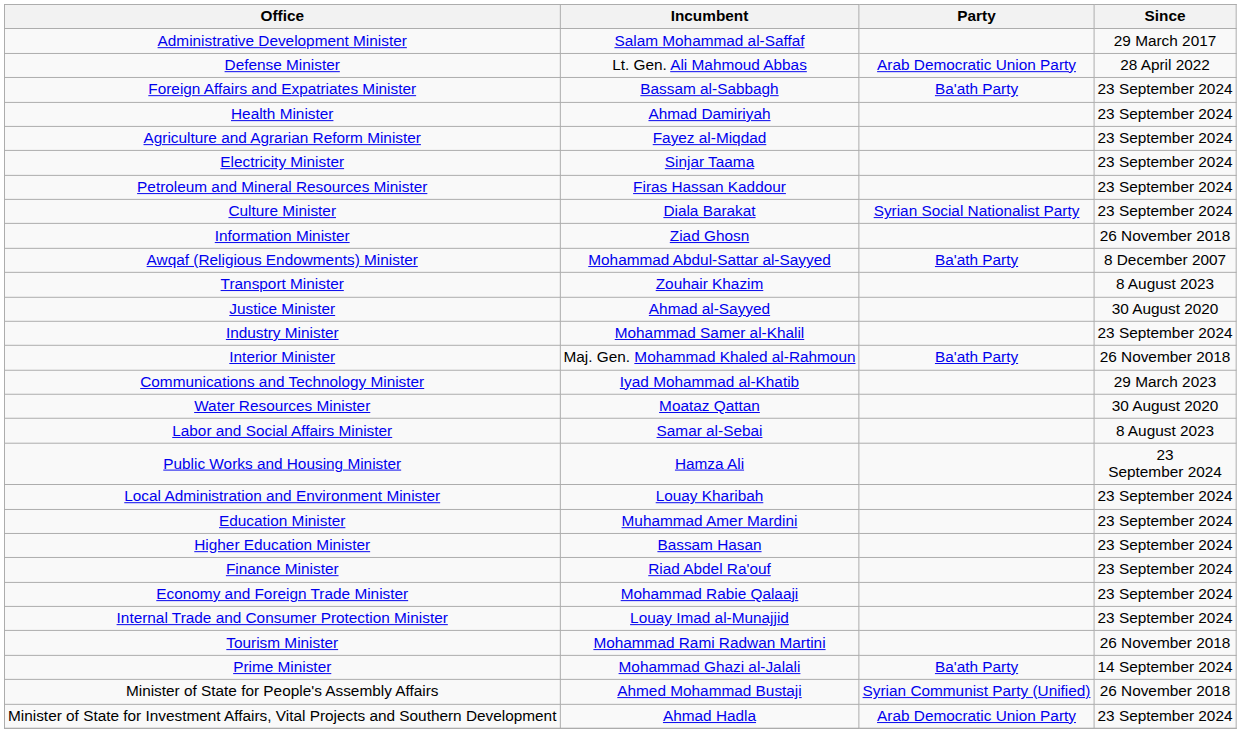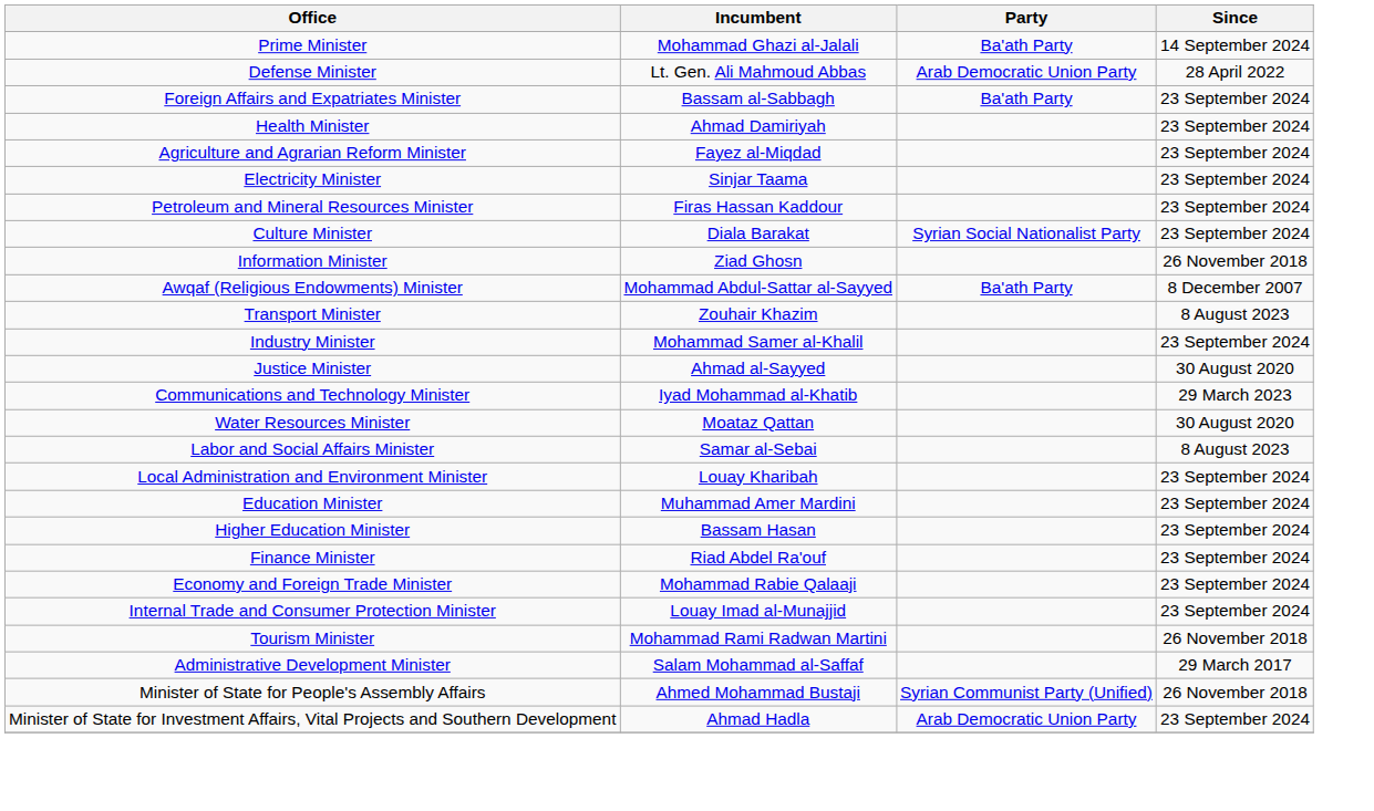 <table class="wikitable" style="text-align:center">
 <tr>
 <th>Office</th>
 <th>Incumbent</th>
 <th>Party</th>
 <th>Since</th>
 </tr>
 <tr>
-<td><a href='#'>Administrative Development Minister</a></td>
-<td><a href='#'>Salam Mohammad al-Saffaf</a> </td>
-<td></td>
-<td>29 March 2017</td>
+<td><a href='#'>Prime Minister</a></td>
+<td><a href='#'>Mohammad Ghazi al-Jalali</a>  </td>
+<td><a href='#'>Ba'ath Party</a></td>
+<td>14 September 2024</td>
 </tr>
 <tr>
 <td><a href='#'>Defense Minister</a></td>
 <td>Lt. Gen. <a href='#'>Ali Mahmoud Abbas</a> </td>
 <td><a href='#'>Arab Democratic Union Party</a></td>
 <td>28 April 2022</td>
 </tr>
 <tr>
 <td><a href='#'>Foreign Affairs and Expatriates Minister</a></td>
 <td><a href='#'>Bassam al-Sabbagh</a>  </td>
 <td><a href='#'>Ba'ath Party</a></td>
 <td>23 September 2024</td>
 </tr>
 <tr>
 <td><a href='#'>Health Minister</a></td>
 <td><a href='#'>Ahmad Damiriyah</a> </td>
 <td></td>
 <td>23 September 2024</td>
 </tr>
 <tr>
 <td><a href='#'>Agriculture and Agrarian Reform Minister</a></td>
 <td><a href='#'>Fayez al-Miqdad</a> </td>
 <td></td>
 <td>23 September 2024</td>
 </tr>
 <tr>
 <td><a href='#'>Electricity Minister</a></td>
 <td><a href='#'>Sinjar Taama</a> </td>
 <td></td>
 <td>23 September 2024</td>
 </tr>
 <tr>
 <td><a href='#'>Petroleum and Mineral Resources Minister</a></td>
 <td><a href='#'>Firas Hassan Kaddour</a> </td>
 <td></td>
 <td>23 September 2024</td>
 </tr>
 <tr>
 <td><a href='#'>Culture Minister</a></td>
 <td><a href='#'>Diala Barakat</a> </td>
 <td><a href='#'>Syrian Social Nationalist Party</a></td>
 <td>23 September 2024</td>
 </tr>
 <tr>
 <td><a href='#'>Information Minister</a></td>
 <td><a href='#'>Ziad Ghosn</a> </td>
 <td></td>
 <td>26 November 2018</td>
 </tr>
 <tr>
 <td><a href='#'>Awqaf (Religious Endowments) Minister</a></td>
 <td><a href='#'>Mohammad Abdul-Sattar al-Sayyed</a> </td>
 <td><a href='#'>Ba'ath Party</a></td>
 <td>8 December 2007</td>
 </tr>
 <tr>
 <td><a href='#'>Transport Minister</a></td>
 <td><a href='#'>Zouhair Khazim</a> </td>
 <td></td>
 <td>8 August 2023</td>
 </tr>
 <tr>
-<td><a href='#'>Justice Minister</a></td>
-<td><a href='#'>Ahmad al-Sayyed</a> </td>
-<td></td>
-<td>30 August 2020</td>
-</tr>
-<tr>
 <td><a href='#'>Industry Minister</a></td>
 <td><a href='#'>Mohammad Samer al-Khalil</a> </td>
 <td></td>
 <td>23 September 2024</td>
 </tr>
 <tr>
-<td><a href='#'>Interior Minister</a></td>
-<td>Maj. Gen. <a href='#'>Mohammad Khaled al-Rahmoun</a> </td>
-<td><a href='#'>Ba'ath Party</a></td>
-<td>26 November 2018</td>
+<td><a href='#'>Justice Minister</a></td>
+<td><a href='#'>Ahmad al-Sayyed</a> </td>
+<td></td>
+<td>30 August 2020</td>
 </tr>
 <tr>
 <td><a href='#'>Communications and Technology Minister</a></td>
 <td><a href='#'>Iyad Mohammad al-Khatib</a> </td>
 <td></td>
 <td>29 March 2023</td>
 </tr>
 <tr>
 <td><a href='#'>Water Resources Minister</a></td>
 <td><a href='#'>Moataz Qattan</a> </td>
 <td></td>
 <td>30 August 2020</td>
 </tr>
 <tr>
 <td><a href='#'>Labor and Social Affairs Minister</a></td>
 <td><a href='#'>Samar al-Sebai</a> </td>
 <td></td>
 <td>8 August 2023</td>
-</tr>
-<tr>
-<td><a href='#'>Public Works and Housing Minister</a></td>
-<td><a href='#'>Hamza Ali</a> </td>
-<td></td>
-<td>23<br>September 2024</td>
 </tr>
 <tr>
 <td><a href='#'>Local Administration and Environment  Minister</a></td>
 <td><a href='#'>Louay Kharibah</a> </td>
 <td></td>
 <td>23 September 2024</td>
 </tr>
 <tr>
 <td><a href='#'>Education Minister</a></td>
 <td><a href='#'>Muhammad Amer Mardini</a> </td>
 <td></td>
 <td>23 September 2024</td>
 </tr>
 <tr>
 <td><a href='#'>Higher Education Minister</a></td>
 <td><a href='#'>Bassam Hasan</a> </td>
 <td></td>
 <td>23 September 2024</td>
 </tr>
 <tr>
 <td><a href='#'>Finance Minister</a></td>
 <td><a href='#'>Riad Abdel Ra'ouf</a> </td>
 <td></td>
 <td>23 September 2024</td>
 </tr>
 <tr>
 <td><a href='#'>Economy and Foreign Trade Minister</a></td>
 <td><a href='#'>Mohammad Rabie Qalaaji</a> </td>
 <td></td>
 <td>23 September 2024</td>
 </tr>
 <tr>
 <td><a href='#'>Internal Trade and Consumer Protection Minister</a></td>
 <td><a href='#'>Louay Imad al-Munajjid</a> </td>
 <td></td>
 <td>23 September 2024</td>
 </tr>
 <tr>
 <td><a href='#'>Tourism Minister</a></td>
 <td><a href='#'>Mohammad Rami Radwan Martini</a> </td>
 <td></td>
 <td>26 November 2018</td>
 </tr>
 <tr>
-<td><a href='#'>Prime Minister</a></td>
-<td><a href='#'>Mohammad Ghazi al-Jalali</a>  </td>
-<td><a href='#'>Ba'ath Party</a></td>
-<td>14 September 2024</td>
+<td><a href='#'>Administrative Development Minister</a></td>
+<td><a href='#'>Salam Mohammad al-Saffaf</a> </td>
+<td></td>
+<td>29 March 2017</td>
 </tr>
 <tr>
 <td>Minister of State for People's Assembly Affairs</td>
 <td><a href='#'>Ahmed Mohammad Bustaji</a></td>
 <td><a href='#'>Syrian Communist Party (Unified)</a></td>
 <td>26 November 2018</td>
 </tr>
 <tr>
 <td>Minister of State for Investment Affairs, Vital Projects and Southern Development</td>
 <td><a href='#'>Ahmad Hadla</a> </td>
 <td><a href='#'>Arab Democratic Union Party</a></td>
 <td>23 September 2024</td>
 </tr>
 <tr>
 </tr>
 </table>
